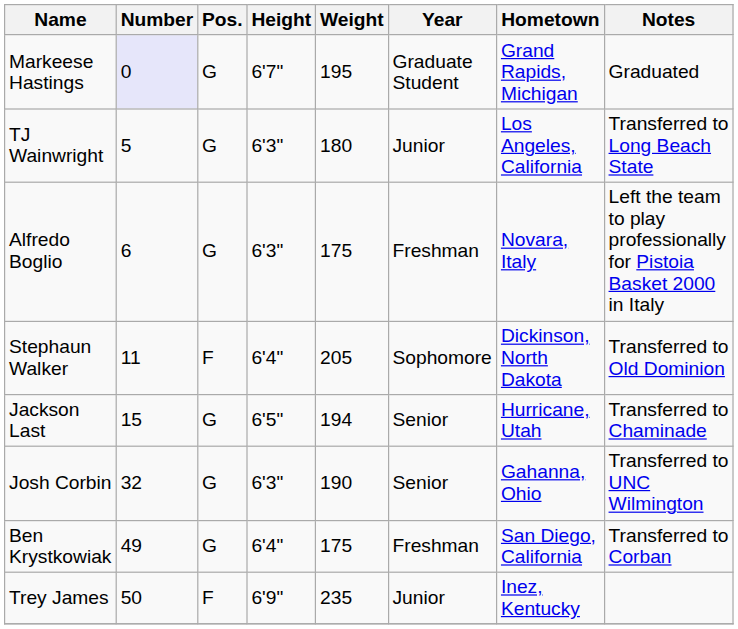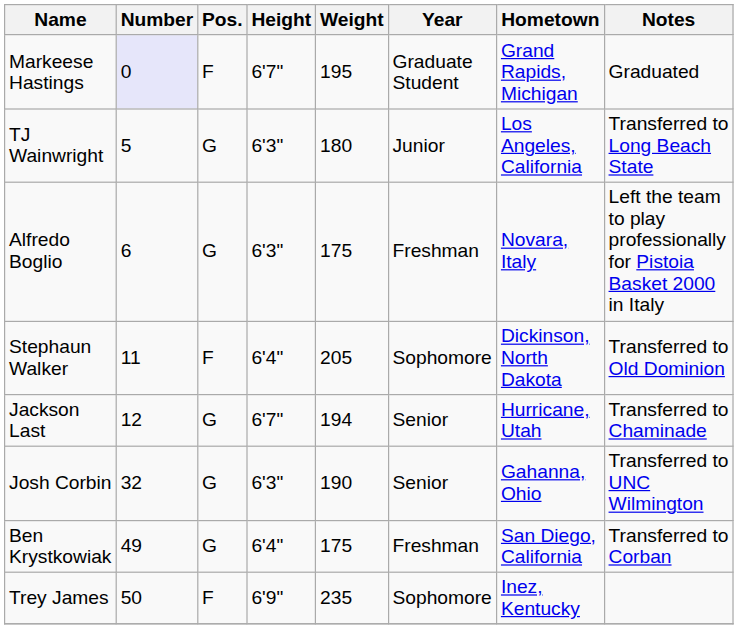 <table class="wikitable sortable" border="1">
 <tr align=center>
 <th style="background:#">Name</th>
 <th style="background:#">Number</th>
 <th style="background:#">Pos.</th>
 <th style="background:#">Height</th>
 <th style="background:#">Weight</th>
 <th style="background:#">Year</th>
 <th style="background:#">Hometown</th>
 <th style="background:#">Notes</th>
 </tr>
 <tr>
 <td>Markeese Hastings</td>
 <td style="background: lavender;">0</td>
-<td>G</td>
+<td>F</td>
 <td>6'7"</td>
 <td>195</td>
 <td>Graduate Student</td>
 <td><a href='#'>Grand Rapids, Michigan</a></td>
 <td>Graduated</td>
 </tr>
 <tr>
 <td>TJ Wainwright</td>
 <td>5</td>
 <td>G</td>
 <td>6'3"</td>
 <td>180</td>
 <td>Junior</td>
 <td><a href='#'>Los Angeles, California</a></td>
 <td>Transferred to <a href='#'>Long Beach State</a></td>
 </tr>
 <tr>
 <td>Alfredo Boglio</td>
 <td>6</td>
 <td>G</td>
 <td>6'3"</td>
 <td>175</td>
 <td>Freshman</td>
 <td><a href='#'>Novara, Italy</a></td>
 <td>Left the team to play professionally for <a href='#'>Pistoia Basket 2000</a> in Italy</td>
 </tr>
 <tr>
 <td>Stephaun Walker</td>
 <td>11</td>
 <td>F</td>
 <td>6'4"</td>
 <td>205</td>
 <td>Sophomore</td>
 <td><a href='#'>Dickinson, North Dakota</a></td>
 <td>Transferred to <a href='#'>Old Dominion</a></td>
 </tr>
 <tr>
 <td>Jackson Last</td>
-<td>15</td>
+<td>12</td>
 <td>G</td>
-<td>6'5"</td>
+<td>6'7"</td>
 <td>194</td>
 <td>Senior</td>
 <td><a href='#'>Hurricane, Utah</a></td>
 <td>Transferred to <a href='#'>Chaminade</a></td>
 </tr>
 <tr>
 <td>Josh Corbin</td>
 <td>32</td>
 <td>G</td>
 <td>6'3"</td>
 <td>190</td>
 <td>Senior</td>
 <td><a href='#'>Gahanna, Ohio</a></td>
 <td>Transferred to <a href='#'>UNC Wilmington</a></td>
 </tr>
 <tr>
 <td>Ben Krystkowiak</td>
 <td>49</td>
 <td>G</td>
 <td>6'4"</td>
 <td>175</td>
 <td>Freshman</td>
 <td><a href='#'>San Diego, California</a></td>
 <td>Transferred to <a href='#'>Corban</a></td>
 </tr>
 <tr>
 <td>Trey James</td>
 <td>50</td>
 <td>F</td>
 <td>6'9"</td>
 <td>235</td>
-<td>Junior</td>
+<td>Sophomore</td>
 <td><a href='#'>Inez, Kentucky</a></td>
 <td></td>
 </tr>
 <tr>
 </tr>
 </table>
